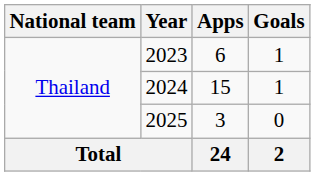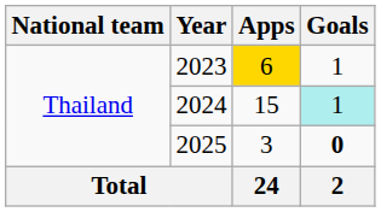 <table class="wikitable" style="text-align:center">
 <tr>
 <th>National team</th>
 <th>Year</th>
 <th>Apps</th>
 <th>Goals</th>
 </tr>
 <tr>
 <td rowspan="3"><a href='#'>Thailand</a></td>
 <td>2023</td>
-<td>6</td>
+<td style="background: gold;">6</td>
 <td>1</td>
 </tr>
 <tr>
 <td>2024</td>
 <td>15</td>
-<td>1</td>
+<td style="background: paleturquoise;">1</td>
 </tr>
 <tr>
 <td>2025</td>
 <td>3</td>
-<td>0</td>
+<td><strong>0</strong></td>
 </tr>
 <tr>
 <th colspan="2">Total</th>
 <th>24</th>
 <th>2</th>
 </tr>
 </table>
